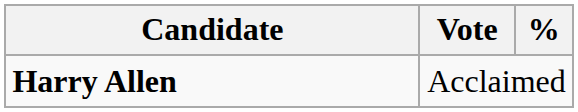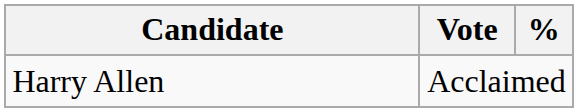 <table class="wikitable">
 <tr>
 <th bgcolor="#DDDDFF" width="200px">Candidate</th>
 <th bgcolor="#DDDDFF">Vote</th>
 <th bgcolor="#DDDDFF">%</th>
 </tr>
 <tr>
-<td><strong>Harry Allen</strong></td>
+<td>Harry Allen</td>
 <td colspan="2">Acclaimed</td>
 </tr>
 </table>
